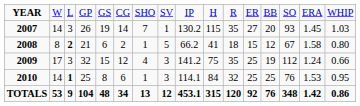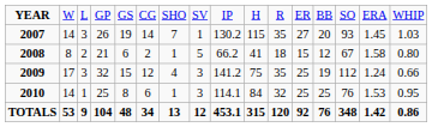 <table class="wikitable">
 <tr align=center>
 <td><strong>YEAR</strong></td>
 <td><a href='#'>W</a></td>
 <td><a href='#'>L</a></td>
 <td><a href='#'>GP</a></td>
 <td><a href='#'>GS</a></td>
 <td><a href='#'>CG</a></td>
 <td><a href='#'>SHO</a></td>
 <td><a href='#'>SV</a></td>
 <td><a href='#'>IP</a></td>
 <td><a href='#'>H</a></td>
 <td><a href='#'>R</a></td>
 <td><a href='#'>ER</a></td>
 <td><a href='#'>BB</a></td>
 <td><a href='#'>SO</a></td>
 <td><a href='#'>ERA</a></td>
 <td><a href='#'>WHIP</a></td>
 </tr>
 <tr align=center>
 <td><strong>2007</strong></td>
 <td>14</td>
 <td>3</td>
 <td>26</td>
 <td>19</td>
 <td>14</td>
 <td>7</td>
 <td>1</td>
 <td>130.2</td>
 <td>115</td>
 <td>35</td>
 <td>27</td>
 <td>20</td>
 <td>93</td>
 <td>1.45</td>
 <td>1.03</td>
 </tr>
 <tr align=center>
 <td><strong>2008</strong></td>
 <td>8</td>
-<td><strong>2</strong></td>
+<td>2</td>
 <td>21</td>
 <td>6</td>
 <td>2</td>
 <td>1</td>
 <td>5</td>
 <td>66.2</td>
 <td>41</td>
 <td>18</td>
 <td>15</td>
 <td>12</td>
 <td>67</td>
 <td>1.58</td>
 <td>0.80</td>
 </tr>
 <tr align=center>
 <td><strong>2009</strong></td>
 <td>17</td>
 <td>3</td>
 <td>32</td>
 <td>15</td>
 <td>12</td>
 <td>4</td>
 <td>3</td>
 <td>141.2</td>
 <td>75</td>
 <td>35</td>
 <td>25</td>
 <td>19</td>
 <td>112</td>
 <td>1.24</td>
 <td>0.66</td>
 </tr>
 <tr align=center>
 <td><strong>2010</strong></td>
 <td>14</td>
-<td><strong>1</strong></td>
+<td>1</td>
 <td>25</td>
 <td>8</td>
 <td>6</td>
 <td>1</td>
 <td>3</td>
 <td>114.1</td>
 <td>84</td>
 <td>32</td>
 <td>25</td>
 <td>25</td>
 <td>76</td>
 <td>1.53</td>
 <td>0.95</td>
 </tr>
 <tr align=center>
 <td><strong>TOTALS</strong></td>
 <td><strong>53</strong></td>
 <td><strong>9</strong></td>
 <td><strong>104</strong></td>
 <td><strong>48</strong></td>
 <td><strong>34</strong></td>
 <td><strong>13</strong></td>
 <td><strong>12</strong></td>
 <td><strong>453.1</strong></td>
 <td><strong>315</strong></td>
 <td><strong>120</strong></td>
 <td><strong>92</strong></td>
 <td><strong>76</strong></td>
 <td><strong>348</strong></td>
 <td><strong>1.42</strong></td>
 <td><strong>0.86</strong></td>
 </tr>
 </table>
